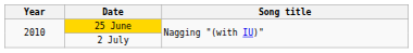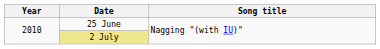 <table class="wikitable" style="width:600px">
 <tr>
 <th>Year</th>
 <th>Date</th>
 <th>Song title</th>
 </tr>
 <tr>
 <td align="center" rowspan="2">2010</td>
-<td align="center" rowspan="1" style="background: gold;">25 June</td>
+<td align="center" rowspan="1">25 June</td>
 <td rowspan="2">Nagging "(with <a href='#'>IU</a>)"</td>
 </tr>
 <tr>
-<td align="center" rowspan="1">2 July</td>
+<td align="center" rowspan="1" style="background: khaki;">2 July</td>
 </tr>
 </table>
